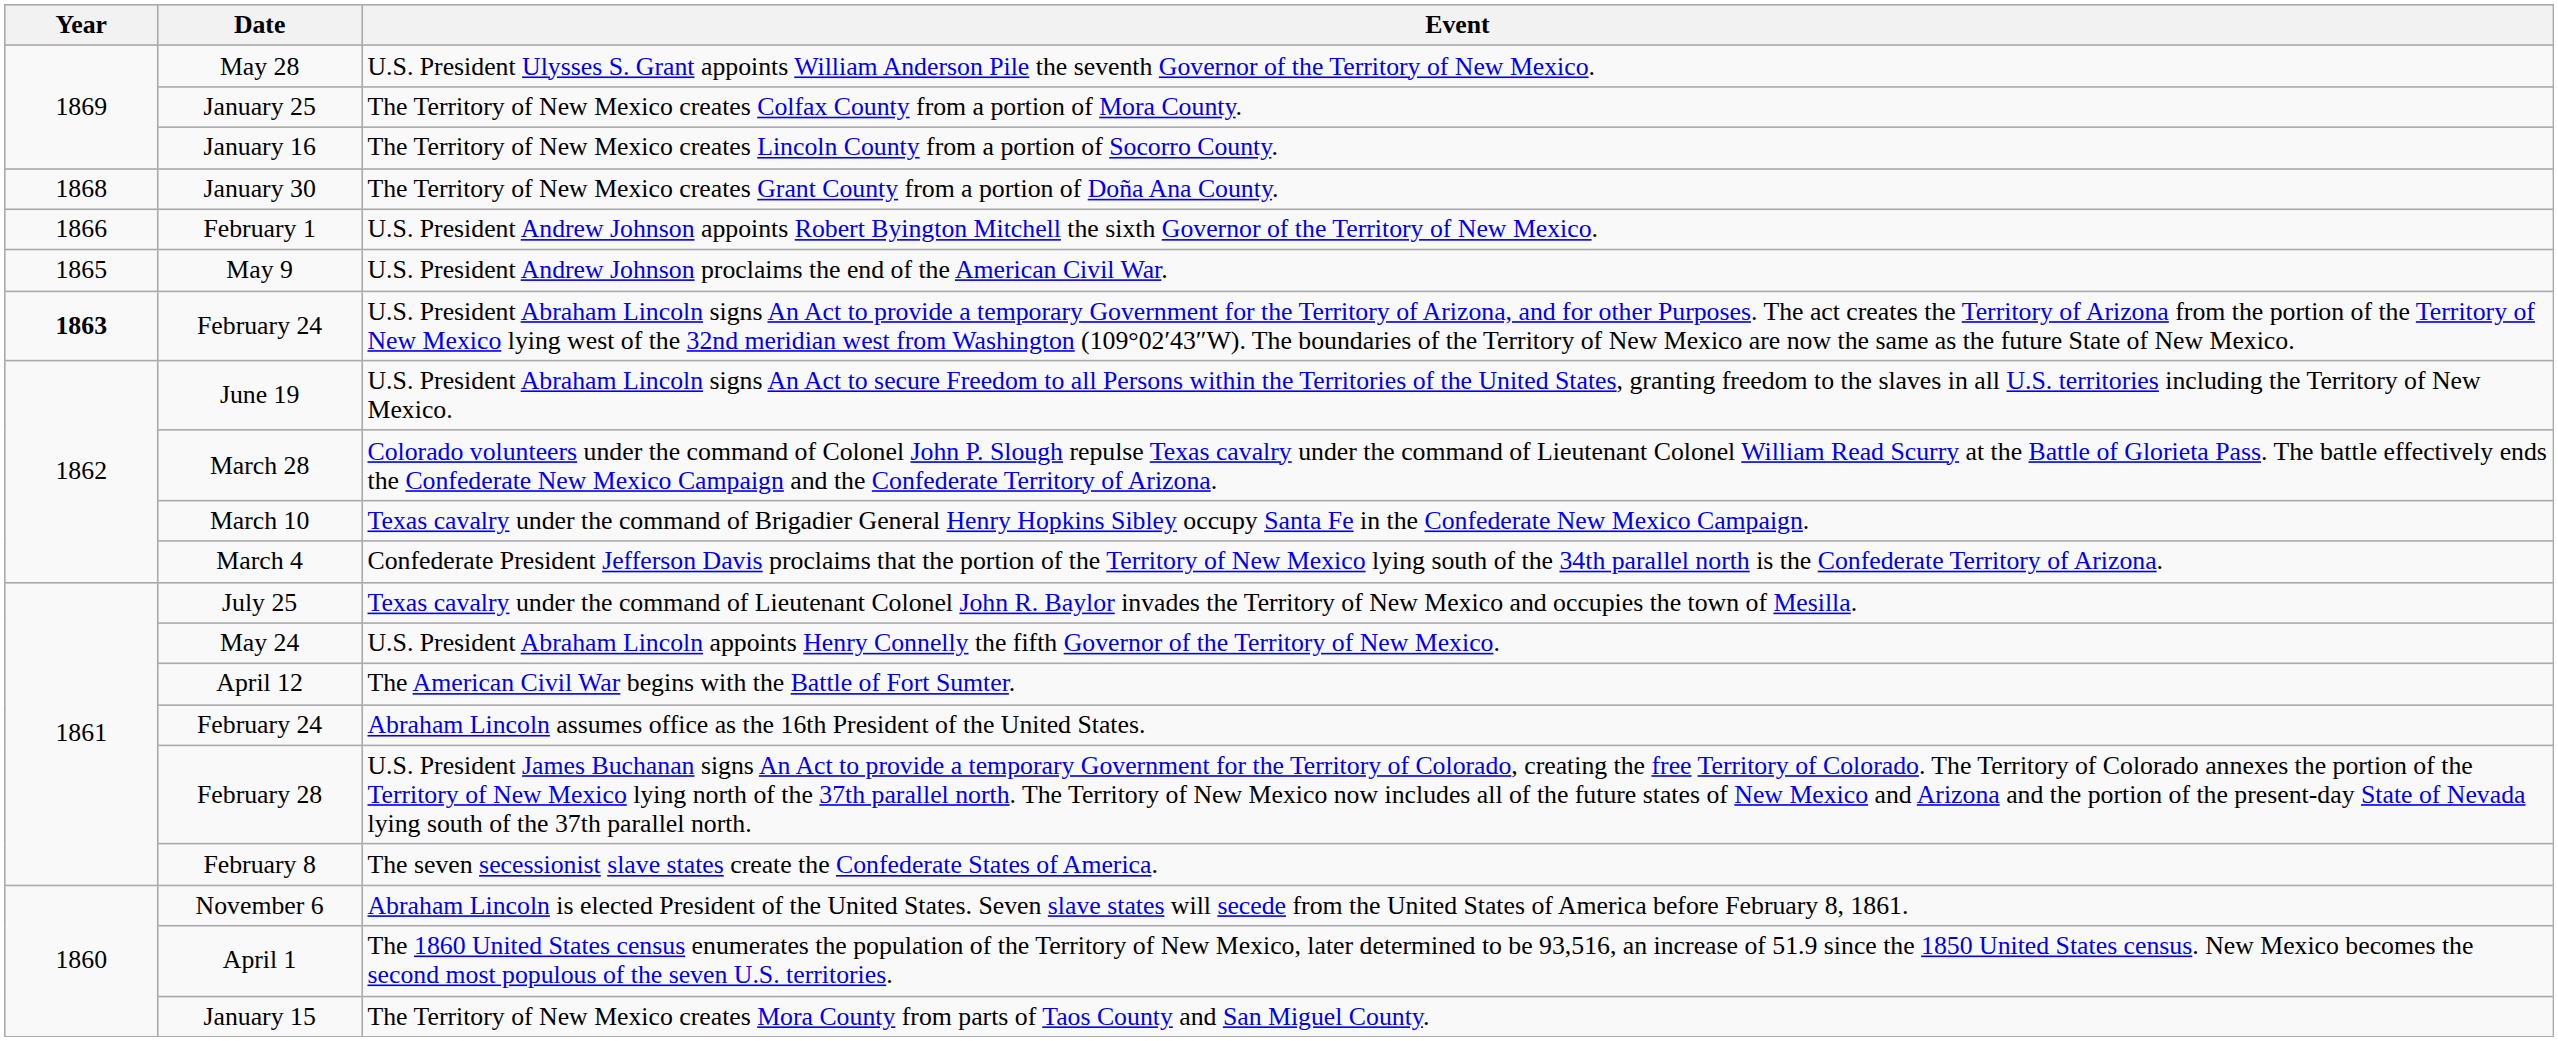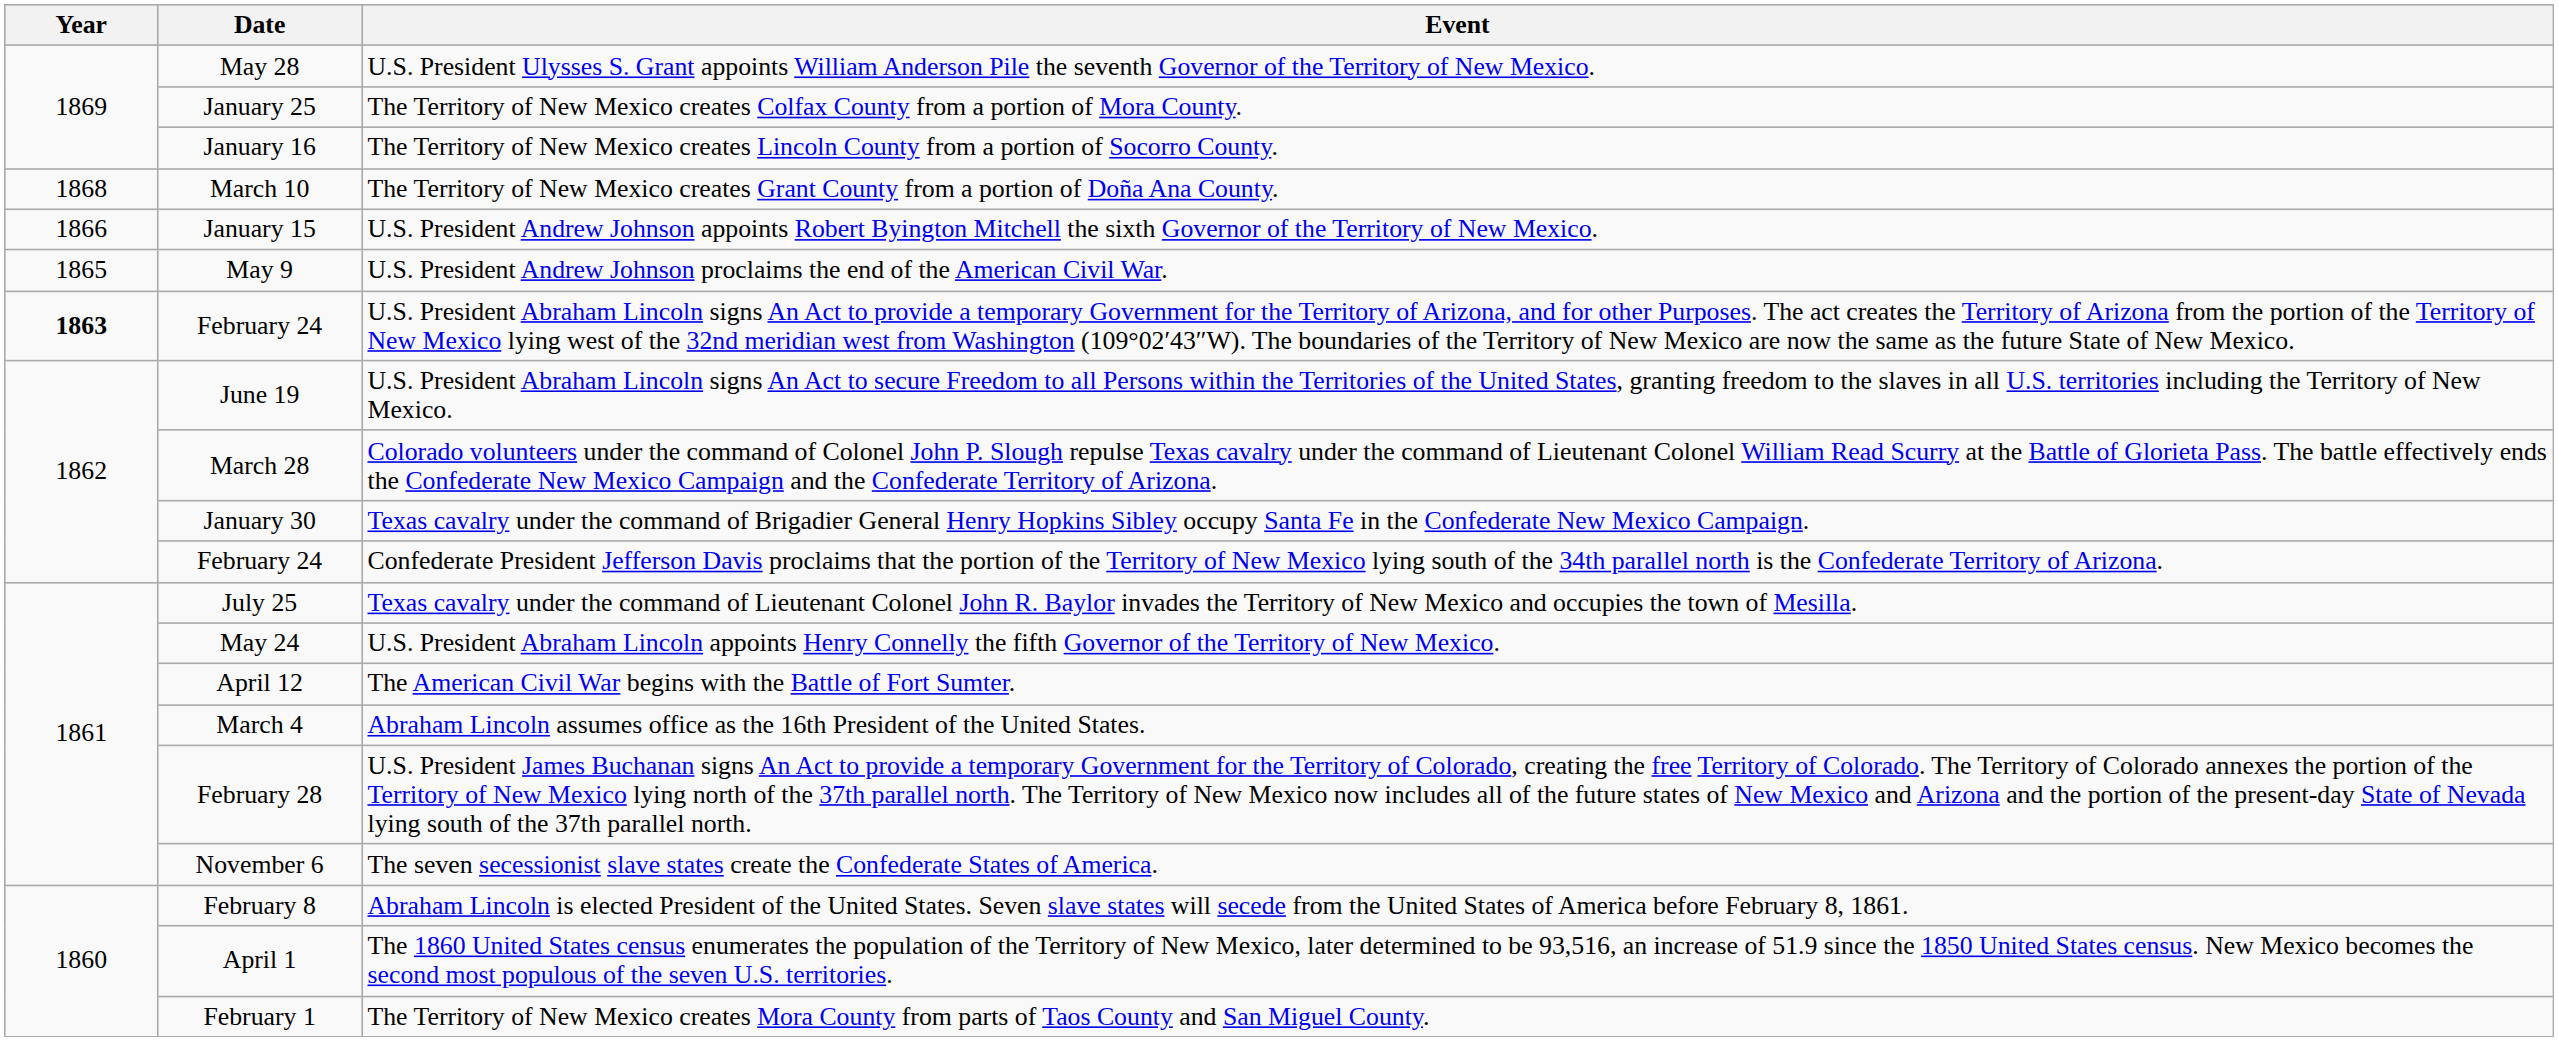 <table class="wikitable" style="width:100%;">
 <tr>
 <th style="width:6%">Year</th>
 <th style="width:8%">Date</th>
 <th style="width:86%">Event</th>
 </tr>
 <tr>
 <td align=center rowspan=3>1869</td>
 <td align=center>May 28</td>
 <td>U.S. President <a href='#'>Ulysses S. Grant</a> appoints <a href='#'>William Anderson Pile</a> the seventh <a href='#'>Governor of the Territory of New Mexico</a>.</td>
 </tr>
 <tr>
 <td align=center>January 25</td>
 <td>The Territory of New Mexico creates <a href='#'>Colfax County</a> from a portion of <a href='#'>Mora County</a>.</td>
 </tr>
 <tr>
 <td align=center>January 16</td>
 <td>The Territory of New Mexico creates <a href='#'>Lincoln County</a> from a portion of <a href='#'>Socorro County</a>.</td>
 </tr>
 <tr>
 <td align=center rowspan=1>1868</td>
-<td align=center>January 30</td>
+<td align=center>March 10</td>
 <td>The Territory of New Mexico creates <a href='#'>Grant County</a> from a portion of <a href='#'>Doña Ana County</a>.</td>
 </tr>
 <tr>
 <td align=center rowspan=1>1866</td>
-<td align=center>February 1</td>
+<td align=center>January 15</td>
 <td>U.S. President <a href='#'>Andrew Johnson</a> appoints <a href='#'>Robert Byington Mitchell</a> the sixth <a href='#'>Governor of the Territory of New Mexico</a>.</td>
 </tr>
 <tr>
 <td align=center rowspan=1>1865</td>
 <td align=center>May 9</td>
 <td>U.S. President <a href='#'>Andrew Johnson</a> proclaims the end of the <a href='#'>American Civil War</a>.</td>
 </tr>
 <tr>
 <td align=center rowspan=1><strong>1863</strong></td>
 <td align=center>February 24</td>
 <td>U.S. President <a href='#'>Abraham Lincoln</a> signs <a href='#'>An Act to provide a temporary Government for the Territory of Arizona, and for other Purposes</a>.  The act creates the <a href='#'>Territory of Arizona</a> from the portion of the <a href='#'>Territory of New Mexico</a> lying west of the <a href='#'>32nd meridian west from Washington</a> (109°02′43″W).  The boundaries of the Territory of New Mexico are now the same as the future State of New Mexico.</td>
 </tr>
 <tr>
 <td align=center rowspan=4>1862</td>
 <td align=center>June 19</td>
 <td>U.S. President <a href='#'>Abraham Lincoln</a> signs <a href='#'>An Act to secure Freedom to all Persons within the Territories of the United States</a>, granting freedom to the slaves in all <a href='#'>U.S. territories</a> including the Territory of New Mexico.</td>
 </tr>
 <tr>
 <td align=center>March 28</td>
 <td><a href='#'>Colorado volunteers</a> under the command of Colonel <a href='#'>John P. Slough</a> repulse <a href='#'>Texas cavalry</a> under the command of Lieutenant Colonel <a href='#'>William Read Scurry</a> at the <a href='#'>Battle of Glorieta Pass</a>.  The battle effectively ends the <a href='#'>Confederate New Mexico Campaign</a> and the <a href='#'>Confederate Territory of Arizona</a>.</td>
 </tr>
 <tr>
-<td align=center>March 10</td>
+<td align=center>January 30</td>
 <td><a href='#'>Texas cavalry</a> under the command of Brigadier General <a href='#'>Henry Hopkins Sibley</a> occupy <a href='#'>Santa Fe</a> in the <a href='#'>Confederate New Mexico Campaign</a>.</td>
 </tr>
 <tr>
-<td align=center>March 4</td>
+<td align=center>February 24</td>
 <td>Confederate President <a href='#'>Jefferson Davis</a> proclaims that the portion of the <a href='#'>Territory of New Mexico</a> lying south of the <a href='#'>34th parallel north</a> is the <a href='#'>Confederate Territory of Arizona</a>.</td>
 </tr>
 <tr>
 <td align=center rowspan=6>1861</td>
 <td align=center>July 25</td>
 <td><a href='#'>Texas cavalry</a> under the command of Lieutenant Colonel <a href='#'>John R. Baylor</a> invades the Territory of New Mexico and occupies the town of <a href='#'>Mesilla</a>.</td>
 </tr>
 <tr>
 <td align=center>May 24</td>
 <td>U.S. President <a href='#'>Abraham Lincoln</a> appoints <a href='#'>Henry Connelly</a> the fifth <a href='#'>Governor of the Territory of New Mexico</a>.</td>
 </tr>
 <tr>
 <td align=center>April 12</td>
 <td>The <a href='#'>American Civil War</a> begins with the <a href='#'>Battle of Fort Sumter</a>.</td>
 </tr>
 <tr>
-<td align=center>February 24</td>
+<td align=center>March 4</td>
 <td><a href='#'>Abraham Lincoln</a> assumes office as the 16th President of the United States.</td>
 </tr>
 <tr>
 <td align=center>February 28</td>
 <td>U.S. President <a href='#'>James Buchanan</a> signs <a href='#'>An Act to provide a temporary Government for the Territory of Colorado</a>, creating the <a href='#'>free</a> <a href='#'>Territory of Colorado</a>. The Territory of Colorado annexes the portion of the <a href='#'>Territory of New Mexico</a> lying north of the <a href='#'>37th parallel north</a>. The Territory of New Mexico now includes all of the future states of <a href='#'>New Mexico</a> and <a href='#'>Arizona</a> and the portion of the present-day <a href='#'>State of Nevada</a> lying south of the 37th parallel north.</td>
 </tr>
 <tr>
-<td align=center>February 8</td>
+<td align=center>November 6</td>
 <td>The seven <a href='#'>secessionist</a> <a href='#'>slave states</a> create the <a href='#'>Confederate States of America</a>.</td>
 </tr>
 <tr>
 <td align=center rowspan=3>1860</td>
-<td align=center>November 6</td>
+<td align=center>February 8</td>
 <td><a href='#'>Abraham Lincoln</a> is elected President of the United States.  Seven <a href='#'>slave states</a> will <a href='#'>secede</a> from the United States of America before February 8, 1861.</td>
 </tr>
 <tr>
 <td align=center>April 1</td>
 <td>The <a href='#'>1860 United States census</a> enumerates the population of the Territory of New Mexico, later determined to be 93,516, an increase of 51.9 since the <a href='#'>1850 United States census</a>. New Mexico becomes the <a href='#'>second most populous of the seven U.S. territories</a>.</td>
 </tr>
 <tr>
-<td align=center>January 15</td>
+<td align=center>February 1</td>
 <td>The Territory of New Mexico creates <a href='#'>Mora County</a> from parts of <a href='#'>Taos County</a> and <a href='#'>San Miguel County</a>.</td>
 </tr>
 </table>
